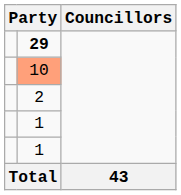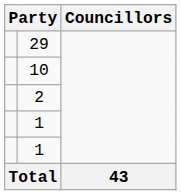 <table class="wikitable">
 <tr>
 <th colspan=2>Party</th>
 <th>Councillors</th>
 </tr>
 <tr>
 <td></td>
-<td align=center><strong>29</strong></td>
+<td align=center>29</td>
 </tr>
 <tr>
 <td></td>
-<td align=center style="background: lightsalmon;">10</td>
+<td align=center>10</td>
 </tr>
 <tr>
 <td></td>
 <td align=center>2</td>
 </tr>
 <tr>
 <td></td>
 <td align=center>1</td>
 </tr>
 <tr>
 <td></td>
 <td align=center>1</td>
 </tr>
 <tr>
 <th colspan=2>Total</th>
 <th align=center>43</th>
 </tr>
 </table>
